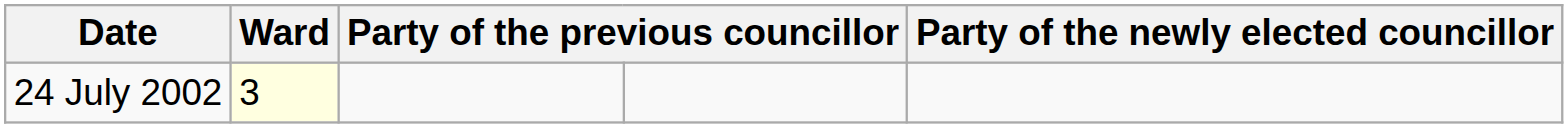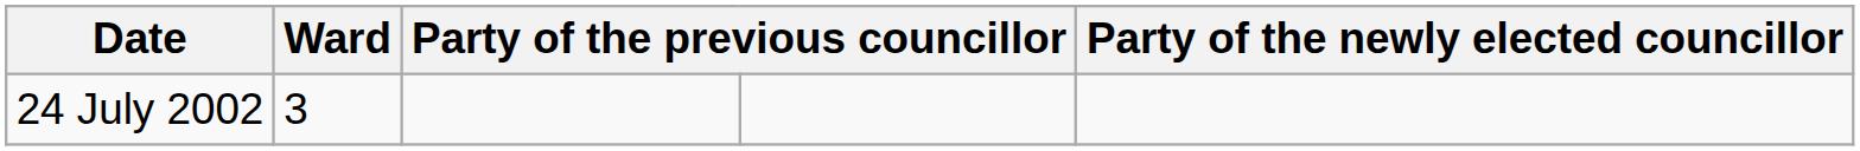 <table class="wikitable">
 <tr>
 <th>Date</th>
 <th>Ward</th>
 <th colspan=2>Party of the previous councillor</th>
 <th colspan=2>Party of the newly elected councillor</th>
 </tr>
 <tr>
 <td>24 July 2002</td>
-<td style="background: lightyellow;">3</td>
+<td>3</td>
 <td></td>
 <td></td>
 </tr>
 </table>
